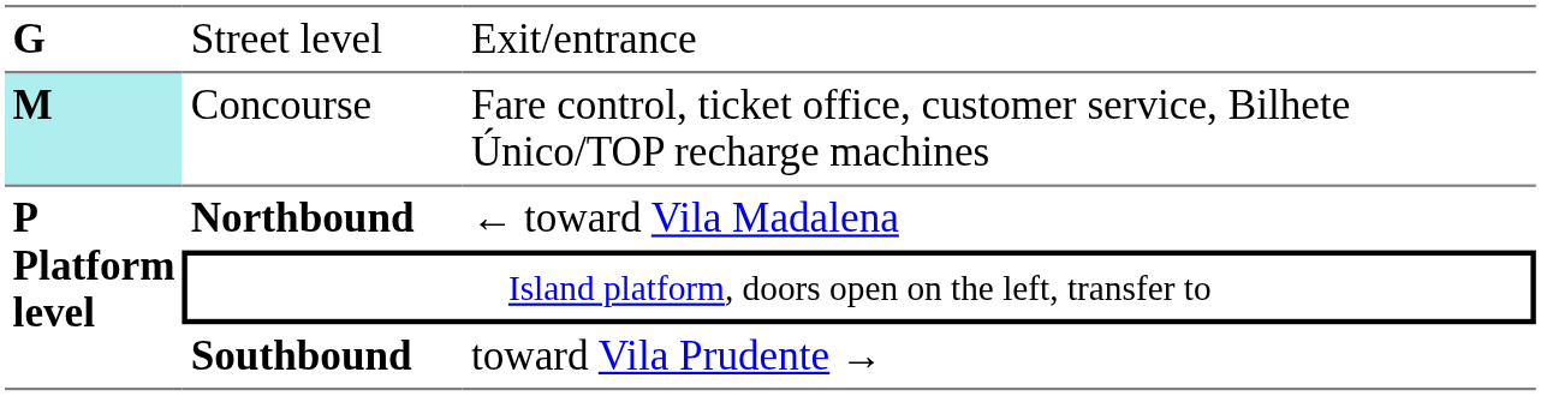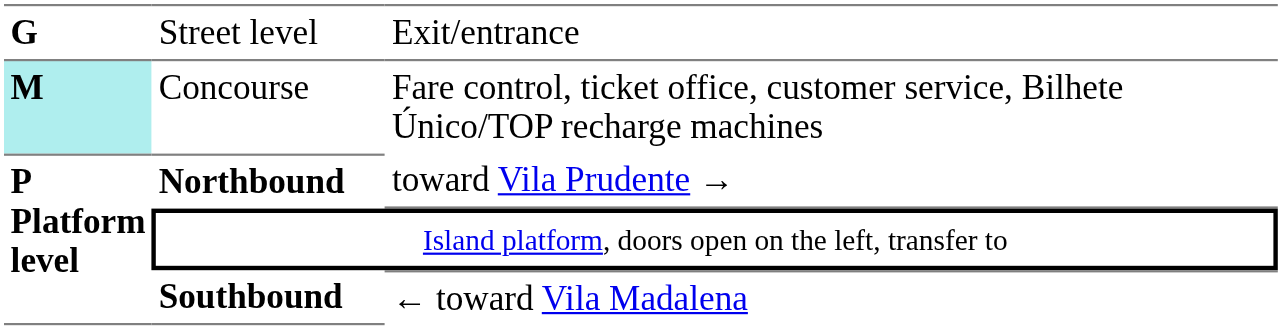 <table table border=0 cellspacing=0 cellpadding=3>
 <tr>
 <td style="border-top:solid 1px gray;vertical-align:top;" width=50><strong>G</strong></td>
 <td style="border-top:solid 1px gray;vertical-align:top;" width=100>Street level</td>
 <td style="border-top:solid 1px gray;vertical-align:top;" width=400>Exit/entrance</td>
 </tr>
 <tr>
 <td style="background: paleturquoise; border-top:solid 1px gray;vertical-align:top;"><strong>M</strong></td>
 <td style="border-top:solid 1px gray;vertical-align:top;">Concourse</td>
 <td style="border-top:solid 1px gray;vertical-align:top;">Fare control, ticket office, customer service, Bilhete Único/TOP recharge machines</td>
 </tr>
 <tr>
 <td style="border-top:solid 1px gray;border-bottom:solid 1px gray;vertical-align:top;" rowspan=4><strong>P<br>Platform level</strong></td>
 </tr>
 <tr>
 <td style="border-top:solid 1px gray;"><span><strong>Northbound</strong></span></td>
-<td style="border-top:solid 1px gray;">←  toward <a href='#'>Vila Madalena</a></td>
+<td style="border-bottom:solid 1px gray;"> toward <a href='#'>Vila Prudente</a> →</td>
 </tr>
 <tr>
 <td style="border-top:solid 2px black;border-right:solid 2px black;border-left:solid 2px black;border-bottom:solid 2px black;text-align:center;" colspan=5><small><a href='#'>Island platform</a>, doors open on the left, transfer to </small></td>
 </tr>
 <tr>
 <td style="border-bottom:solid 1px gray;"><span><strong>Southbound</strong></span></td>
-<td style="border-bottom:solid 1px gray;"> toward <a href='#'>Vila Prudente</a> →</td>
+<td style="border-top:solid 1px gray;">←  toward <a href='#'>Vila Madalena</a></td>
 </tr>
 </table>
